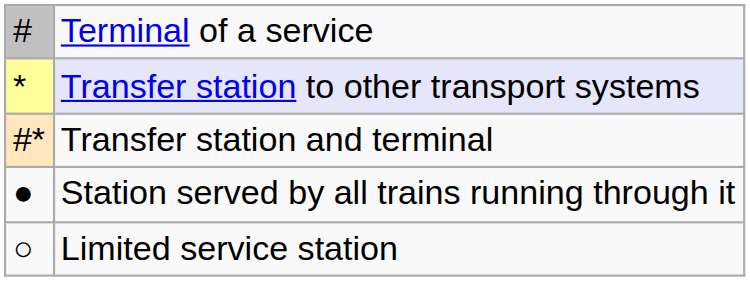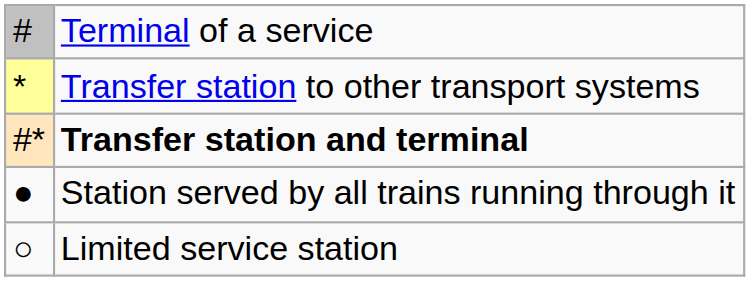 <table class="wikitable">
 <tr>
 <td style="background-color:#C0C0C0">#</td>
 <td><a href='#'>Terminal</a> of a service</td>
 </tr>
 <tr>
 <td style="background-color:#FFFF99">*</td>
-<td style="background: lavender;"><a href='#'>Transfer station</a> to other transport systems</td>
+<td><a href='#'>Transfer station</a> to other transport systems</td>
 </tr>
 <tr>
 <td style="background-color:#FFE6BD">#*</td>
-<td>Transfer station and terminal</td>
+<td><strong>Transfer station and terminal</strong></td>
 </tr>
 <tr>
 <td>●</td>
 <td>Station served by all trains running through it</td>
 </tr>
 <tr>
 <td>○</td>
 <td>Limited service station</td>
 </tr>
 </table>
